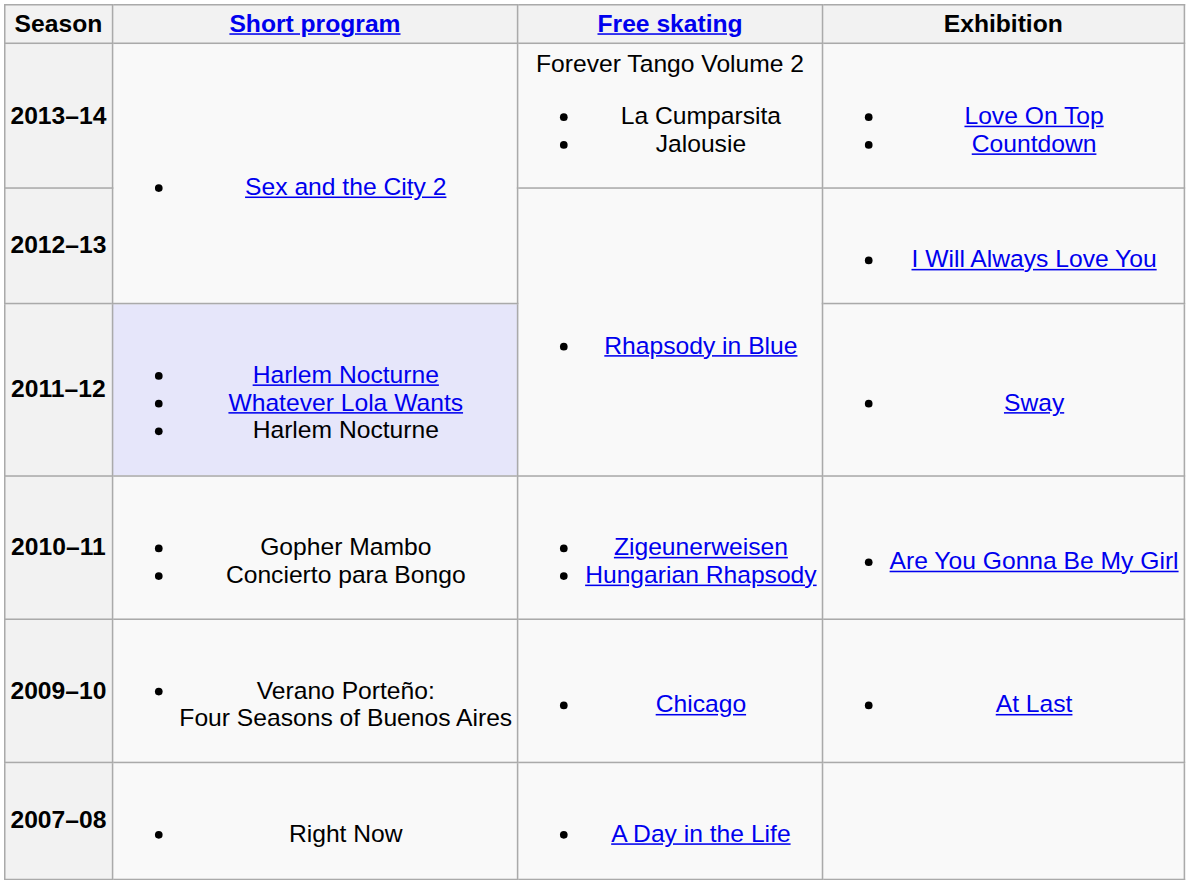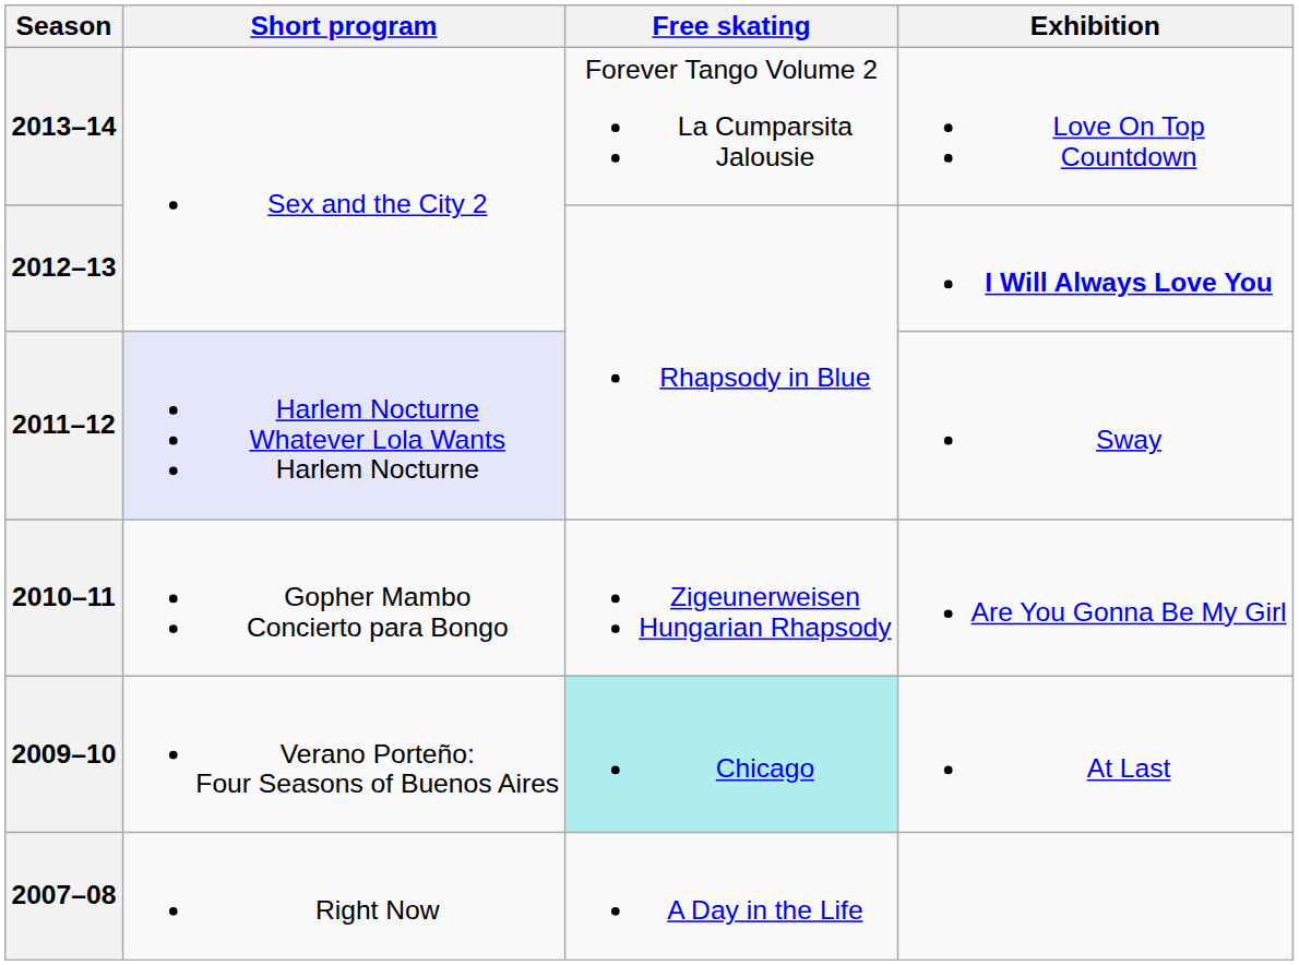 <table class="wikitable" style="text-align: center">
 <tr>
 <th>Season</th>
 <th><a href='#'>Short program</a></th>
 <th><a href='#'>Free skating</a></th>
 <th>Exhibition</th>
 </tr>
 <tr>
 <th>2013–14 <br> </th>
 <td rowspan=2><br><ul><li><a href='#'>Sex and the City 2</a> <br></li></ul></td>
 <td>Forever Tango Volume 2<br><ul><li>La Cumparsita <br></li><li>Jalousie <br></li></ul></td>
 <td><br><ul><li><a href='#'>Love On Top</a></li><li><a href='#'>Countdown</a> <br></li></ul></td>
 </tr>
 <tr>
 <th>2012–13 <br> </th>
 <td rowspan=2><br><ul><li><a href='#'>Rhapsody in Blue</a> <br></li></ul></td>
-<td><br><ul><li><a href='#'>I Will Always Love You</a> <br></li></ul></td>
+<td><strong><br><ul><li><a href='#'>I Will Always Love You</a> <br></li></ul></strong></td>
 </tr>
 <tr>
 <th>2011–12 <br> </th>
 <td style="background: lavender;"><br><ul><li><a href='#'>Harlem Nocturne</a> <br></li><li><a href='#'>Whatever Lola Wants</a> <br></li><li>Harlem Nocturne <br></li></ul></td>
 <td><br><ul><li><a href='#'>Sway</a> <br></li></ul></td>
 </tr>
 <tr>
 <th>2010–11 <br> </th>
 <td><br><ul><li>Gopher Mambo <br></li><li>Concierto para Bongo <br></li></ul></td>
 <td><br><ul><li><a href='#'>Zigeunerweisen</a> <br></li><li><a href='#'>Hungarian Rhapsody</a> <br></li></ul></td>
 <td><br><ul><li><a href='#'>Are You Gonna Be My Girl</a> <br></li></ul></td>
 </tr>
 <tr>
 <th>2009–10 <br> </th>
 <td><br><ul><li>Verano Porteño: <br> Four Seasons of Buenos Aires <br></li></ul></td>
-<td><br><ul><li><a href='#'>Chicago</a> <br></li></ul></td>
+<td style="background: paleturquoise;"><br><ul><li><a href='#'>Chicago</a> <br></li></ul></td>
 <td><br><ul><li><a href='#'>At Last</a> <br></li></ul></td>
 </tr>
 <tr>
 <th>2007–08 <br> </th>
 <td><br><ul><li>Right Now <br></li></ul></td>
 <td><br><ul><li><a href='#'>A Day in the Life</a> <br></li></ul></td>
 <td></td>
 </tr>
 </table>
